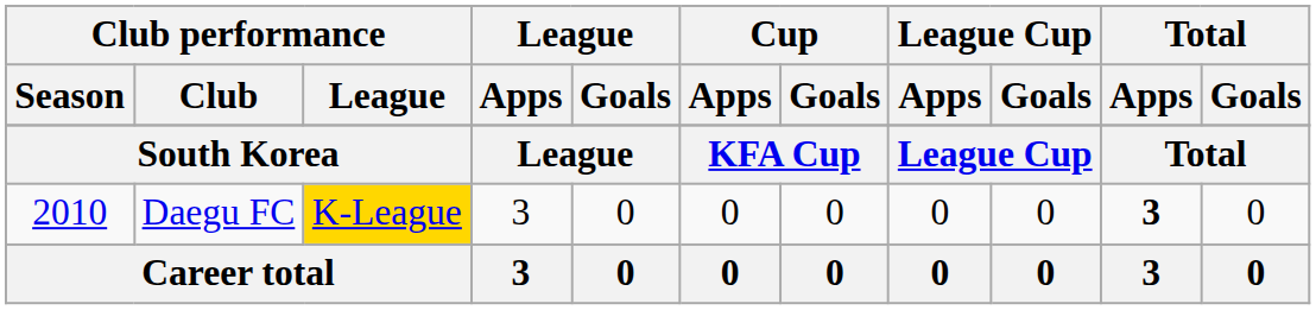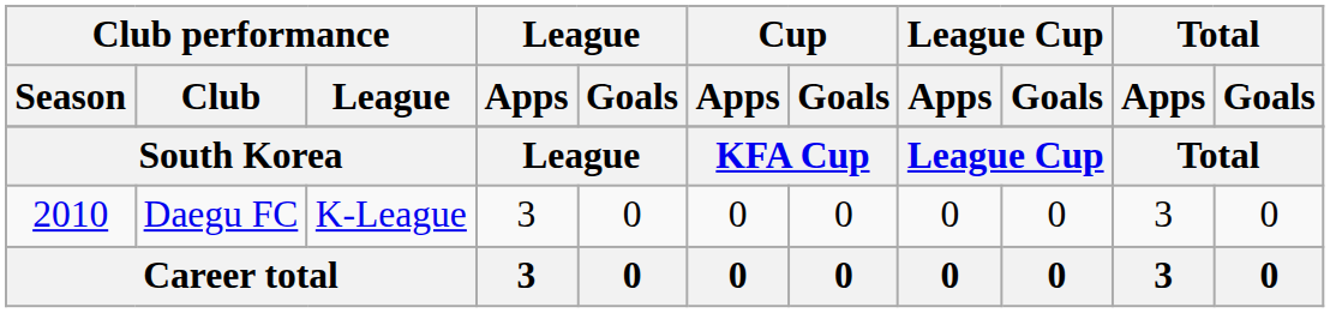 <table class="wikitable" style="text-align:center">
 <tr>
 <th colspan=3>Club performance</th>
 <th colspan=2>League</th>
 <th colspan=2>Cup</th>
 <th colspan=2>League Cup</th>
 <th colspan=2>Total</th>
 </tr>
 <tr>
 <th>Season</th>
 <th>Club</th>
 <th>League</th>
 <th>Apps</th>
 <th>Goals</th>
 <th>Apps</th>
 <th>Goals</th>
 <th>Apps</th>
 <th>Goals</th>
 <th>Apps</th>
 <th>Goals</th>
 </tr>
 <tr>
 </tr>
 <tr>
 <th colspan=3>South Korea</th>
 <th colspan=2>League</th>
 <th colspan=2><a href='#'>KFA Cup</a></th>
 <th colspan=2><a href='#'>League Cup</a></th>
 <th colspan=2>Total</th>
 </tr>
 <tr>
 <td><a href='#'>2010</a></td>
 <td rowspan="1"><a href='#'>Daegu FC</a></td>
-<td rowspan="1" style="background: gold;"><a href='#'>K-League</a></td>
+<td rowspan="1"><a href='#'>K-League</a></td>
 <td>3</td>
 <td>0</td>
 <td>0</td>
 <td>0</td>
 <td>0</td>
 <td>0</td>
-<td><strong>3</strong></td>
+<td>3</td>
 <td>0</td>
 </tr>
 <tr>
 <th colspan=3>Career total</th>
 <th>3</th>
 <th>0</th>
 <th>0</th>
 <th>0</th>
 <th>0</th>
 <th>0</th>
 <th>3</th>
 <th>0</th>
 </tr>
 </table>
